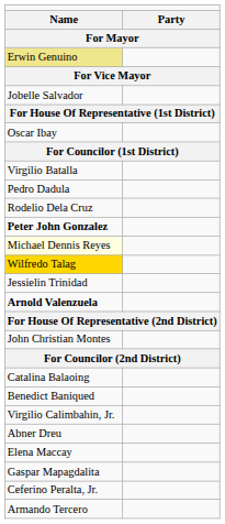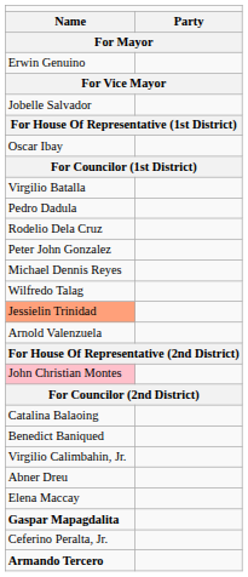 <table class=wikitable style="font-size:90%">
 <tr>
 <td colspan="4"></td>
 </tr>
 <tr>
 <th !width=150px>Name</th>
 <th colspan=2 width=110px>Party</th>
 </tr>
 <tr>
 <th colspan="4">For Mayor</th>
 </tr>
 <tr>
-<td style="background: khaki;">Erwin Genuino</td>
+<td>Erwin Genuino</td>
 <td></td>
 </tr>
 <tr>
 <th colspan="4">For Vice Mayor</th>
 </tr>
 <tr>
 <td>Jobelle Salvador</td>
 <td></td>
 </tr>
 <tr>
 <th colspan="4">For House Of Representative (1st District)</th>
 </tr>
 <tr>
 <td>Oscar Ibay</td>
 <td></td>
 </tr>
 <tr>
 <th colspan="4">For Councilor (1st District)</th>
 </tr>
 <tr>
 <td>Virgilio Batalla</td>
 <td></td>
 </tr>
 <tr>
 <td>Pedro Dadula</td>
 <td></td>
 </tr>
 <tr>
 <td>Rodelio Dela Cruz</td>
 <td></td>
 </tr>
 <tr>
-<td><strong>Peter John Gonzalez</strong></td>
+<td>Peter John Gonzalez</td>
 <td></td>
 </tr>
 <tr>
-<td style="background: lightyellow;">Michael Dennis Reyes</td>
+<td>Michael Dennis Reyes</td>
 <td></td>
 </tr>
 <tr>
-<td style="background: gold;">Wilfredo Talag</td>
+<td>Wilfredo Talag</td>
 <td></td>
 </tr>
 <tr>
-<td>Jessielin Trinidad</td>
+<td style="background: lightsalmon;">Jessielin Trinidad</td>
 <td></td>
 </tr>
 <tr>
-<td><strong>Arnold Valenzuela</strong></td>
+<td>Arnold Valenzuela</td>
 <td></td>
 </tr>
 <tr>
 <th colspan="4">For House Of Representative (2nd District)</th>
 </tr>
 <tr>
-<td>John Christian Montes</td>
+<td style="background: pink;">John Christian Montes</td>
 <td></td>
 </tr>
 <tr>
 <th colspan="4">For Councilor (2nd District)</th>
 </tr>
 <tr>
 <td>Catalina Balaoing</td>
 <td></td>
 </tr>
 <tr>
 <td>Benedict Baniqued</td>
 <td></td>
 </tr>
 <tr>
 <td>Virgilio Calimbahin, Jr.</td>
 <td></td>
 </tr>
 <tr>
 <td>Abner Dreu</td>
 <td></td>
 </tr>
 <tr>
 <td>Elena Maccay</td>
 <td></td>
 </tr>
 <tr>
-<td>Gaspar Mapagdalita</td>
+<td><strong>Gaspar Mapagdalita</strong></td>
 <td></td>
 </tr>
 <tr>
 <td>Ceferino Peralta, Jr.</td>
 <td></td>
 </tr>
 <tr>
-<td>Armando Tercero</td>
+<td><strong>Armando Tercero</strong></td>
 <td></td>
 </tr>
 </table>
